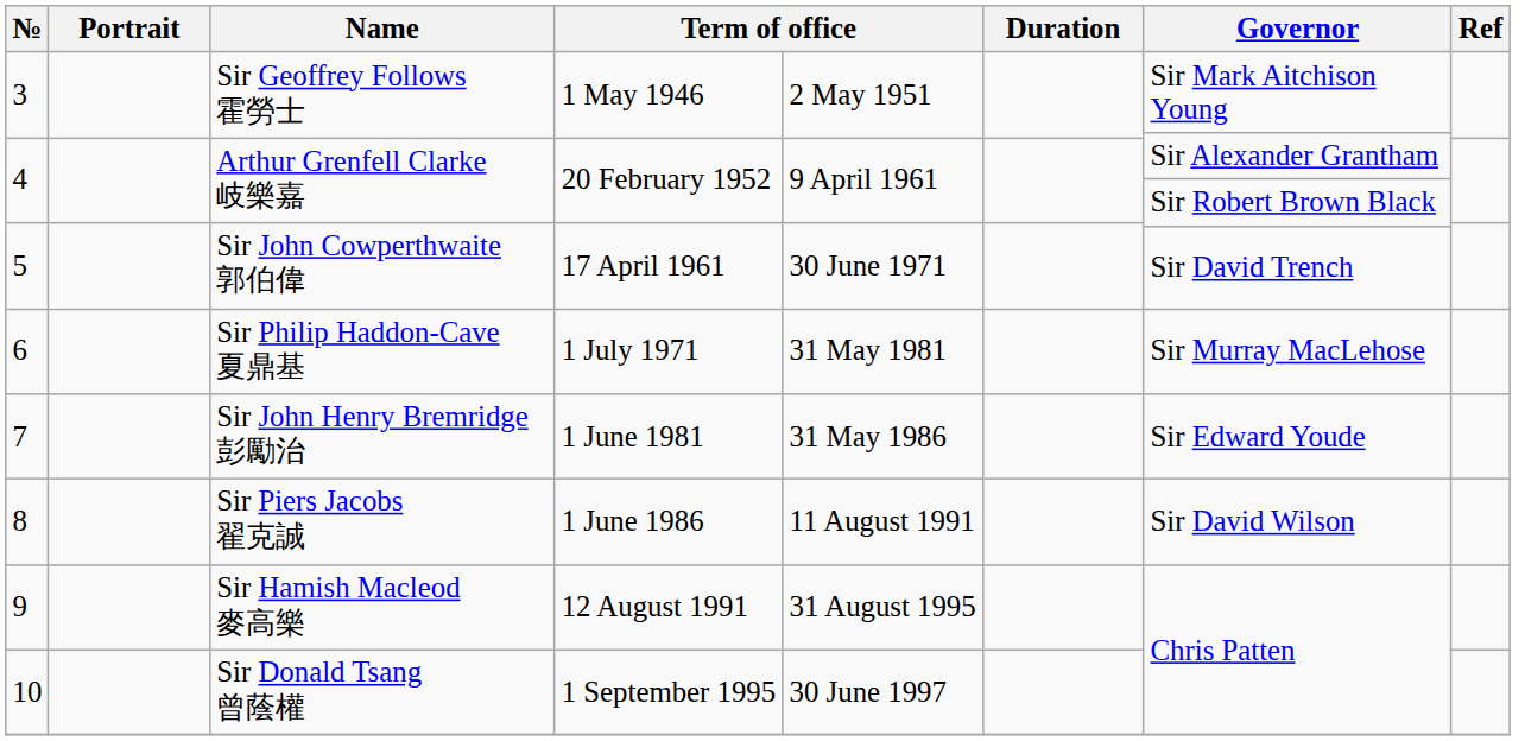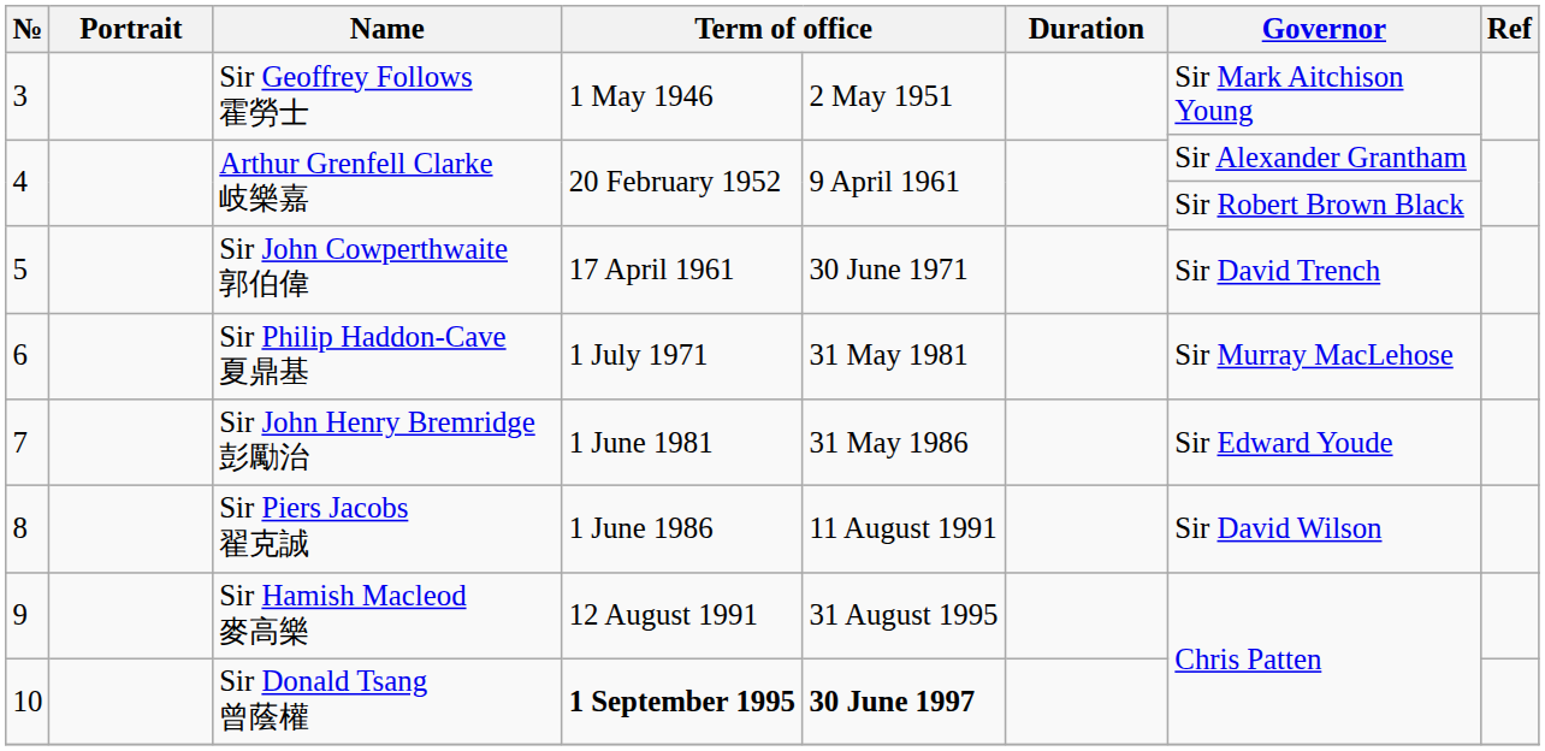 <table class="wikitable"  style="text-align:left">
 <tr>
 <th width=10px>№</th>
 <th width=80px>Portrait</th>
 <th width=180px>Name</th>
 <th width=180px colspan=2>Term of office</th>
 <th width=80px>Duration</th>
 <th width=160px><a href='#'>Governor</a></th>
 <th>Ref</th>
 </tr>
 <tr>
 <td rowspan=2>3</td>
 <td rowspan=2></td>
 <td rowspan=2>Sir <a href='#'>Geoffrey Follows</a><br>霍勞士</td>
 <td rowspan=2>1 May 1946</td>
 <td rowspan=2>2 May 1951</td>
 <td rowspan=2></td>
 <td>Sir <a href='#'>Mark Aitchison Young</a><br></td>
 <td rowspan=2></td>
 </tr>
 <tr>
 <td rowspan=2>Sir <a href='#'>Alexander Grantham</a><br></td>
 </tr>
 <tr>
 <td rowspan=2>4</td>
 <td rowspan=2></td>
 <td rowspan=2><a href='#'>Arthur Grenfell Clarke</a><br>岐樂嘉</td>
 <td rowspan=2>20 February 1952</td>
 <td rowspan=2>9 April 1961</td>
 <td rowspan=2></td>
 <td rowspan=2></td>
 </tr>
 <tr>
 <td rowspan=2>Sir <a href='#'>Robert Brown Black</a><br></td>
 </tr>
 <tr>
 <td rowspan=2>5</td>
 <td rowspan=2></td>
 <td rowspan=2>Sir <a href='#'>John Cowperthwaite</a><br>郭伯偉</td>
 <td rowspan=2>17 April 1961</td>
 <td rowspan=2>30 June 1971</td>
 <td rowspan=2></td>
 <td rowspan=2></td>
 </tr>
 <tr>
 <td rowspan=2>Sir <a href='#'>David Trench</a><br></td>
 </tr>
 <tr>
 <td rowspan=2>6</td>
 <td rowspan=2></td>
 <td rowspan=2>Sir <a href='#'>Philip Haddon-Cave</a><br>夏鼎基</td>
 <td rowspan=2>1 July 1971</td>
 <td rowspan=2>31 May 1981</td>
 <td rowspan=2></td>
 <td rowspan=2></td>
 </tr>
 <tr>
 <td rowspan=2>Sir <a href='#'>Murray MacLehose</a><br></td>
 </tr>
 <tr>
 <td rowspan=2>7</td>
 <td rowspan=2></td>
 <td rowspan=2>Sir <a href='#'>John Henry Bremridge</a><br>彭勵治</td>
 <td rowspan=2>1 June 1981</td>
 <td rowspan=2>31 May 1986</td>
 <td rowspan=2></td>
 <td rowspan=2></td>
 </tr>
 <tr>
 <td rowspan=2>Sir <a href='#'>Edward Youde</a><br></td>
 </tr>
 <tr>
 <td rowspan=2>8</td>
 <td rowspan=2></td>
 <td rowspan=2>Sir <a href='#'>Piers Jacobs</a><br>翟克誠</td>
 <td rowspan=2>1 June 1986</td>
 <td rowspan=2>11 August 1991</td>
 <td rowspan=2></td>
 <td rowspan=2></td>
 </tr>
 <tr>
 <td rowspan=2>Sir <a href='#'>David Wilson</a><br></td>
 </tr>
 <tr>
 <td rowspan=2>9</td>
 <td rowspan=2></td>
 <td rowspan=2>Sir <a href='#'>Hamish Macleod</a><br>麥高樂</td>
 <td rowspan=2>12 August 1991</td>
 <td rowspan=2>31 August 1995</td>
 <td rowspan=2></td>
 <td rowspan=2></td>
 </tr>
 <tr>
 <td rowspan=2><a href='#'>Chris Patten</a><br></td>
 </tr>
 <tr>
 <td>10</td>
 <td></td>
 <td>Sir <a href='#'>Donald Tsang</a><br>曾蔭權</td>
-<td>1 September 1995</td>
-<td>30 June 1997</td>
+<td><strong>1 September 1995</strong></td>
+<td><strong>30 June 1997</strong></td>
 <td></td>
 <td></td>
 </tr>
 <tr>
 </tr>
 </table>
